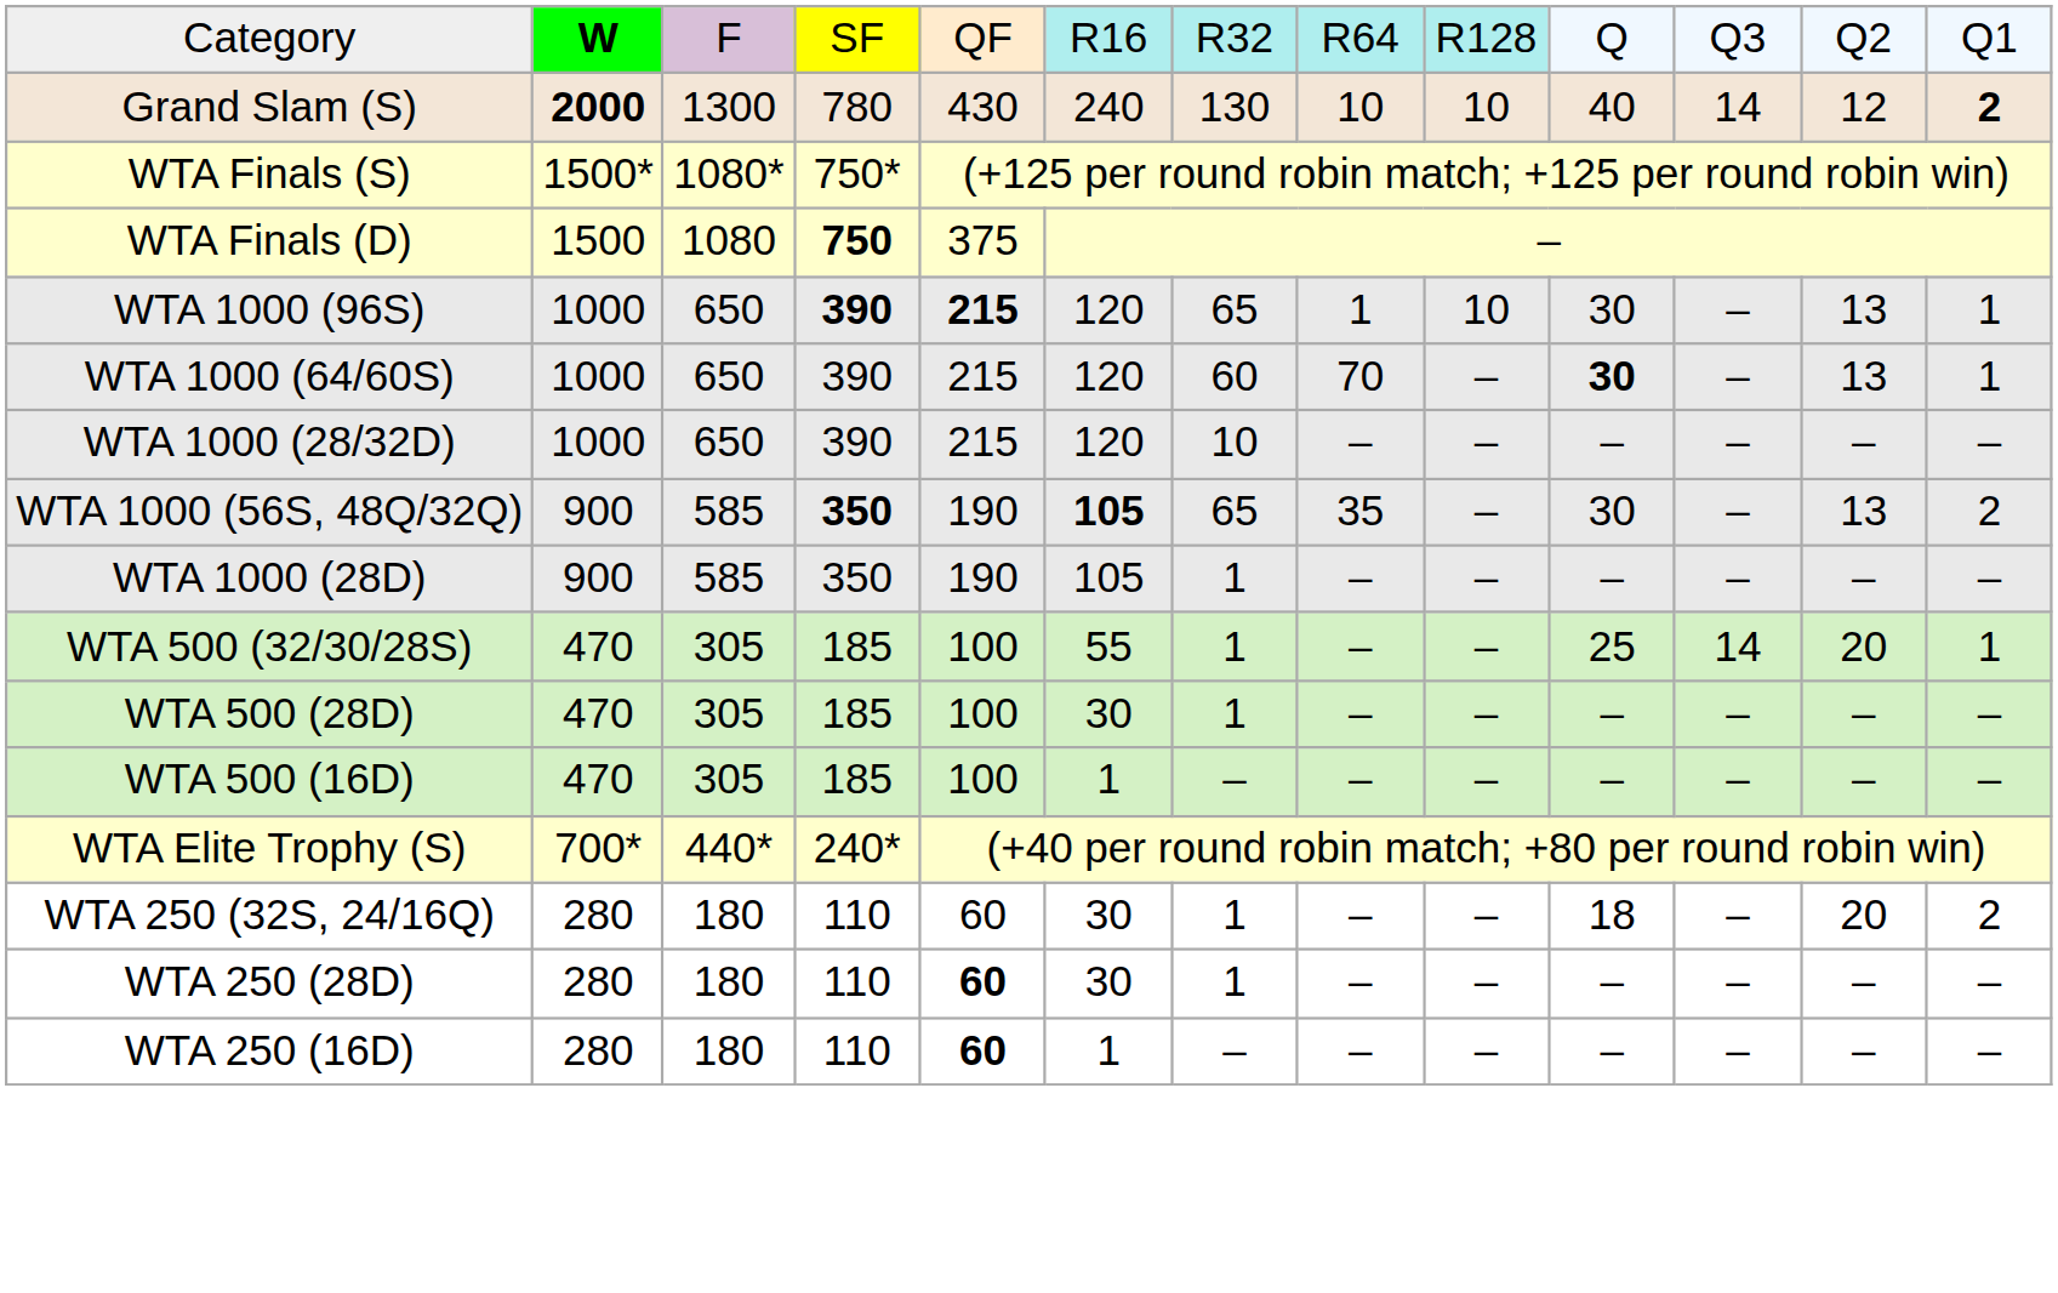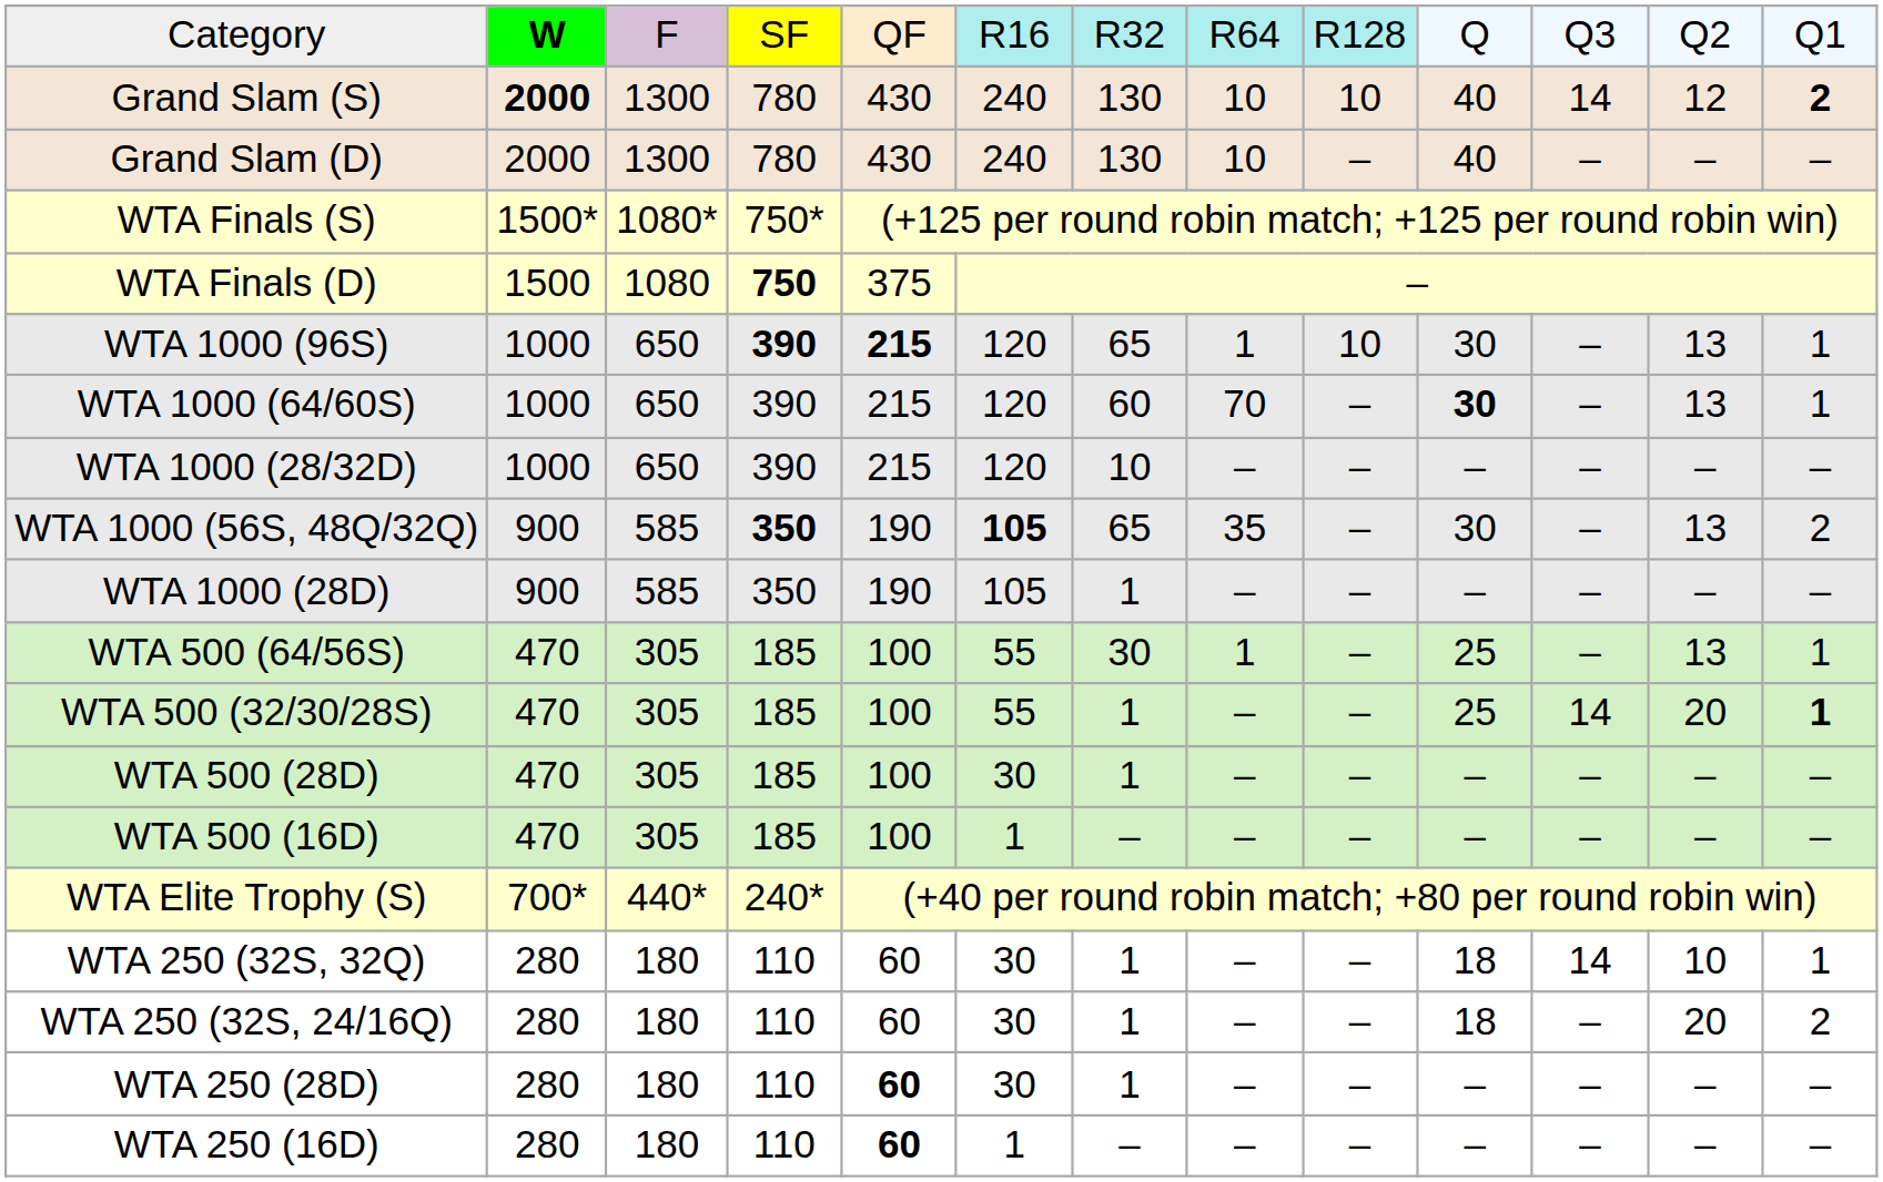 <table class="wikitable">
 <tr style="text-align:center">
 <td style="background:#efefef;">Category</td>
 <td style="width:40px; background:lime;"><strong>W</strong></td>
 <td style="width:40px; background:thistle;">F</td>
 <td style="width:40px; background:#ff0;">SF</td>
 <td style="width:40px; background:#ffebcd;">QF</td>
 <td style="width:40px; background:#afeeee;">R16</td>
 <td style="width:40px; background:#afeeee;">R32</td>
 <td style="width:40px; background:#afeeee;">R64</td>
 <td style="width:40px; background:#afeeee;">R128</td>
 <td style="width:40px; background:#f0f8ff;">Q</td>
 <td style="width:40px; background:#f0f8ff;">Q3</td>
 <td style="width:40px; background:#f0f8ff;">Q2</td>
 <td style="width:40px; background:#f0f8ff;">Q1</td>
 </tr>
 <tr style="text-align:center; background:#F3E6D7;">
 <td>Grand Slam (S)</td>
 <td><strong>2000</strong></td>
 <td>1300</td>
 <td>780</td>
 <td>430</td>
 <td>240</td>
 <td>130</td>
 <td>10</td>
 <td>10</td>
 <td>40</td>
 <td>14</td>
 <td>12</td>
 <td><strong>2</strong></td>
+</tr>
+<tr style="text-align:center; background:#F3E6D7;">
+<td>Grand Slam (D)</td>
+<td>2000</td>
+<td>1300</td>
+<td>780</td>
+<td>430</td>
+<td>240</td>
+<td>130</td>
+<td>10</td>
+<td>–</td>
+<td>40</td>
+<td>–</td>
+<td>–</td>
+<td>–</td>
 </tr>
 <tr style="text-align:center; background:#ffc;">
 <td>WTA Finals (S)</td>
 <td>1500*</td>
 <td>1080*</td>
 <td>750*</td>
 <td colspan="9" style="text-align:center">(+125 per round robin match; +125 per round robin win)</td>
 </tr>
 <tr style="text-align:center; background:#ffc;">
 <td>WTA Finals (D)</td>
 <td>1500</td>
 <td>1080</td>
 <td><strong>750</strong></td>
 <td>375</td>
 <td colspan="8" style="text-align:center">–</td>
 </tr>
 <tr style="text-align:center; background:#e9e9e9;">
 <td>WTA 1000 (96S)</td>
 <td>1000</td>
 <td>650</td>
 <td><strong>390</strong></td>
 <td><strong>215</strong></td>
 <td>120</td>
 <td>65</td>
 <td>1</td>
 <td>10</td>
 <td>30</td>
 <td>–</td>
 <td>13</td>
 <td>1</td>
 </tr>
 <tr style="text-align:center; background:#e9e9e9;">
 <td>WTA 1000 (64/60S)</td>
 <td>1000</td>
 <td>650</td>
 <td>390</td>
 <td>215</td>
 <td>120</td>
 <td>60</td>
 <td>70</td>
 <td>–</td>
 <td><strong>30</strong></td>
 <td>–</td>
 <td>13</td>
 <td>1</td>
 </tr>
 <tr style="text-align:center; background:#e9e9e9;">
 <td>WTA 1000 (28/32D)</td>
 <td>1000</td>
 <td>650</td>
 <td>390</td>
 <td>215</td>
 <td>120</td>
 <td>10</td>
 <td>–</td>
 <td>–</td>
 <td>–</td>
 <td>–</td>
 <td>–</td>
 <td>–</td>
 </tr>
 <tr style="text-align:center; background:#E9E9E9;">
 <td>WTA 1000 (56S, 48Q/32Q)</td>
 <td>900</td>
 <td>585</td>
 <td><strong>350</strong></td>
 <td>190</td>
 <td><strong>105</strong></td>
 <td>65</td>
 <td>35</td>
 <td>–</td>
 <td>30</td>
 <td>–</td>
 <td>13</td>
 <td>2</td>
 </tr>
 <tr style="text-align:center; background:#E9E9E9;">
 <td>WTA 1000 (28D)</td>
 <td>900</td>
 <td>585</td>
 <td>350</td>
 <td>190</td>
 <td>105</td>
 <td>1</td>
 <td>–</td>
 <td>–</td>
 <td>–</td>
 <td>–</td>
 <td>–</td>
 <td>–</td>
 </tr>
 <tr style="text-align:center; background:#D4F1C5;">
+<td>WTA 500 (64/56S)</td>
+<td>470</td>
+<td>305</td>
+<td>185</td>
+<td>100</td>
+<td>55</td>
+<td>30</td>
+<td>1</td>
+<td>–</td>
+<td>25</td>
+<td>–</td>
+<td>13</td>
+<td>1</td>
+</tr>
+<tr style="text-align:center; background:#D4F1C5;">
 <td>WTA 500 (32/30/28S)</td>
 <td>470</td>
 <td>305</td>
 <td>185</td>
 <td>100</td>
 <td>55</td>
 <td>1</td>
 <td>–</td>
 <td>–</td>
 <td>25</td>
 <td>14</td>
 <td>20</td>
-<td>1</td>
+<td><strong>1</strong></td>
 </tr>
 <tr style="text-align:center; background:#D4F1C5;">
 <td>WTA 500 (28D)</td>
 <td>470</td>
 <td>305</td>
 <td>185</td>
 <td>100</td>
 <td>30</td>
 <td>1</td>
 <td>–</td>
 <td>–</td>
 <td>–</td>
 <td>–</td>
 <td>–</td>
 <td>–</td>
 </tr>
 <tr style="text-align:center; background:#D4F1C5;">
 <td>WTA 500 (16D)</td>
 <td>470</td>
 <td>305</td>
 <td>185</td>
 <td>100</td>
 <td>1</td>
 <td>–</td>
 <td>–</td>
 <td>–</td>
 <td>–</td>
 <td>–</td>
 <td>–</td>
 <td>–</td>
 </tr>
 <tr style="text-align:center; background:#ffc;">
 <td>WTA Elite Trophy (S)</td>
 <td>700*</td>
 <td>440*</td>
 <td>240*</td>
 <td colspan="9" style="text-align:center">(+40 per round robin match; +80 per round robin win)</td>
+</tr>
+<tr style="text-align:center; background:#fff;">
+<td>WTA 250 (32S, 32Q)</td>
+<td>280</td>
+<td>180</td>
+<td>110</td>
+<td>60</td>
+<td>30</td>
+<td>1</td>
+<td>–</td>
+<td>–</td>
+<td>18</td>
+<td>14</td>
+<td>10</td>
+<td>1</td>
 </tr>
 <tr style="text-align:center; background:#fff;">
 <td>WTA 250 (32S, 24/16Q)</td>
 <td>280</td>
 <td>180</td>
 <td>110</td>
 <td>60</td>
 <td>30</td>
 <td>1</td>
 <td>–</td>
 <td>–</td>
 <td>18</td>
 <td>–</td>
 <td>20</td>
 <td>2</td>
 </tr>
 <tr style="text-align:center; background:#fff;">
 <td>WTA 250 (28D)</td>
 <td>280</td>
 <td>180</td>
 <td>110</td>
 <td><strong>60</strong></td>
 <td>30</td>
 <td>1</td>
 <td>–</td>
 <td>–</td>
 <td>–</td>
 <td>–</td>
 <td>–</td>
 <td>–</td>
 </tr>
 <tr style="text-align:center; background:#fff;">
 <td>WTA 250 (16D)</td>
 <td>280</td>
 <td>180</td>
 <td>110</td>
 <td><strong>60</strong></td>
 <td>1</td>
 <td>–</td>
 <td>–</td>
 <td>–</td>
 <td>–</td>
 <td>–</td>
 <td>–</td>
 <td>–</td>
 </tr>
 </table>
